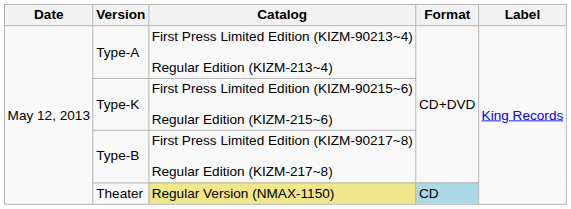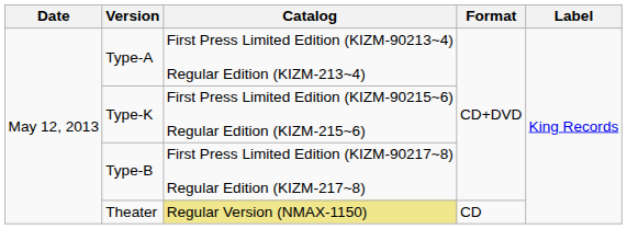 <table class="wikitable plainrowheaders">
 <tr>
 <th scope="col">Date</th>
 <th>Version</th>
 <th>Catalog</th>
 <th>Format</th>
 <th>Label</th>
 </tr>
 <tr>
 <td scope="row" rowspan="4">May 12, 2013</td>
 <td>Type-A</td>
 <td>First Press Limited Edition (KIZM-90213~4)<br><br>Regular Edition (KIZM-213~4)</td>
 <td scope="row" rowspan="3">CD+DVD</td>
 <td scope="row" rowspan="4"><a href='#'>King Records</a></td>
 </tr>
 <tr>
 <td>Type-K</td>
 <td>First Press Limited Edition (KIZM-90215~6)<br><br>Regular Edition (KIZM-215~6)</td>
 </tr>
 <tr>
 <td>Type-B</td>
 <td>First Press Limited Edition (KIZM-90217~8)<br><br>Regular Edition (KIZM-217~8)</td>
 </tr>
 <tr>
 <td>Theater</td>
 <td style="background: khaki;">Regular Version (NMAX-1150)</td>
-<td style="background: lightblue;">CD</td>
+<td>CD</td>
 </tr>
 </table>
